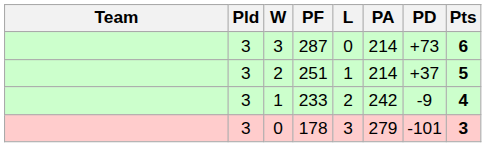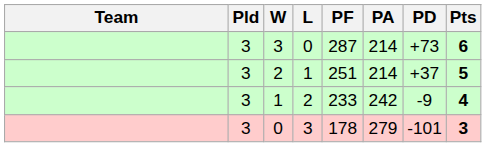 <table class="wikitable" style="text-align:center;">
 <tr>
 <th width=200>Team</th>
 <th width=20>Pld</th>
 <th width=20>W</th>
+<th width=20>L</th>
 <th width=30>PF</th>
-<th width=20>L</th>
 <th width=30>PA</th>
 <th width=30>PD</th>
 <th width=20>Pts</th>
 </tr>
 <tr bgcolor="#ccffcc">
 <td align="left"></td>
 <td>3</td>
 <td>3</td>
+<td>0</td>
 <td>287</td>
-<td>0</td>
 <td>214</td>
 <td>+73</td>
 <td><strong>6</strong></td>
 </tr>
 <tr bgcolor="#ccffcc">
 <td align=left></td>
 <td>3</td>
 <td>2</td>
+<td>1</td>
 <td>251</td>
-<td>1</td>
 <td>214</td>
 <td>+37</td>
 <td><strong>5</strong></td>
 </tr>
 <tr bgcolor="#ccffcc">
 <td align=left></td>
 <td>3</td>
 <td>1</td>
+<td>2</td>
 <td>233</td>
-<td>2</td>
 <td>242</td>
 <td>-9</td>
 <td><strong>4</strong></td>
 </tr>
 <tr bgcolor=#ffcccc>
 <td align=left></td>
 <td>3</td>
 <td>0</td>
+<td>3</td>
 <td>178</td>
-<td>3</td>
 <td>279</td>
 <td>-101</td>
 <td><strong>3</strong></td>
 </tr>
 </table>
